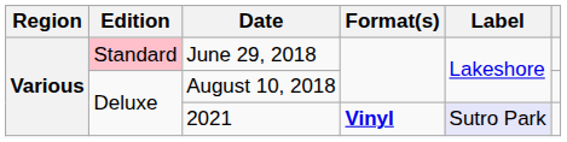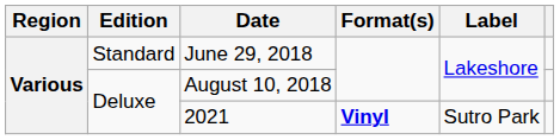 <table class="wikitable plainrowheaders">
 <tr>
 <th scope="col">Region</th>
 <th>Edition</th>
 <th scope="col">Date</th>
 <th scope="col">Format(s)</th>
 <th scope="col">Label</th>
 <th scope="col"></th>
 </tr>
 <tr>
 <th rowspan="3" scope="row">Various</th>
-<td style="background: pink;">Standard</td>
+<td>Standard</td>
 <td>June 29, 2018</td>
 <td rowspan="2"></td>
 <td rowspan="2"><a href='#'>Lakeshore</a></td>
 <td align="center"></td>
 </tr>
 <tr>
 <td rowspan="2">Deluxe</td>
 <td>August 10, 2018</td>
 <td align="center"></td>
 </tr>
 <tr>
 <td>2021</td>
 <td {{Hlist><strong><a href='#'>Vinyl</a></strong></td>
-<td style="background: lavender;">Sutro Park</td>
+<td>Sutro Park</td>
 <td align="center"></td>
 </tr>
 </table>
